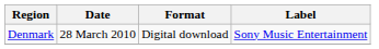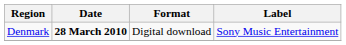 <table class=wikitable>
 <tr>
 <th>Region</th>
 <th>Date</th>
 <th>Format</th>
 <th>Label</th>
 </tr>
 <tr>
 <td><a href='#'>Denmark</a></td>
-<td>28 March 2010</td>
+<td><strong>28 March 2010</strong></td>
 <td>Digital download</td>
 <td><a href='#'>Sony Music Entertainment</a></td>
 </tr>
 <tr>
 </tr>
 </table>
